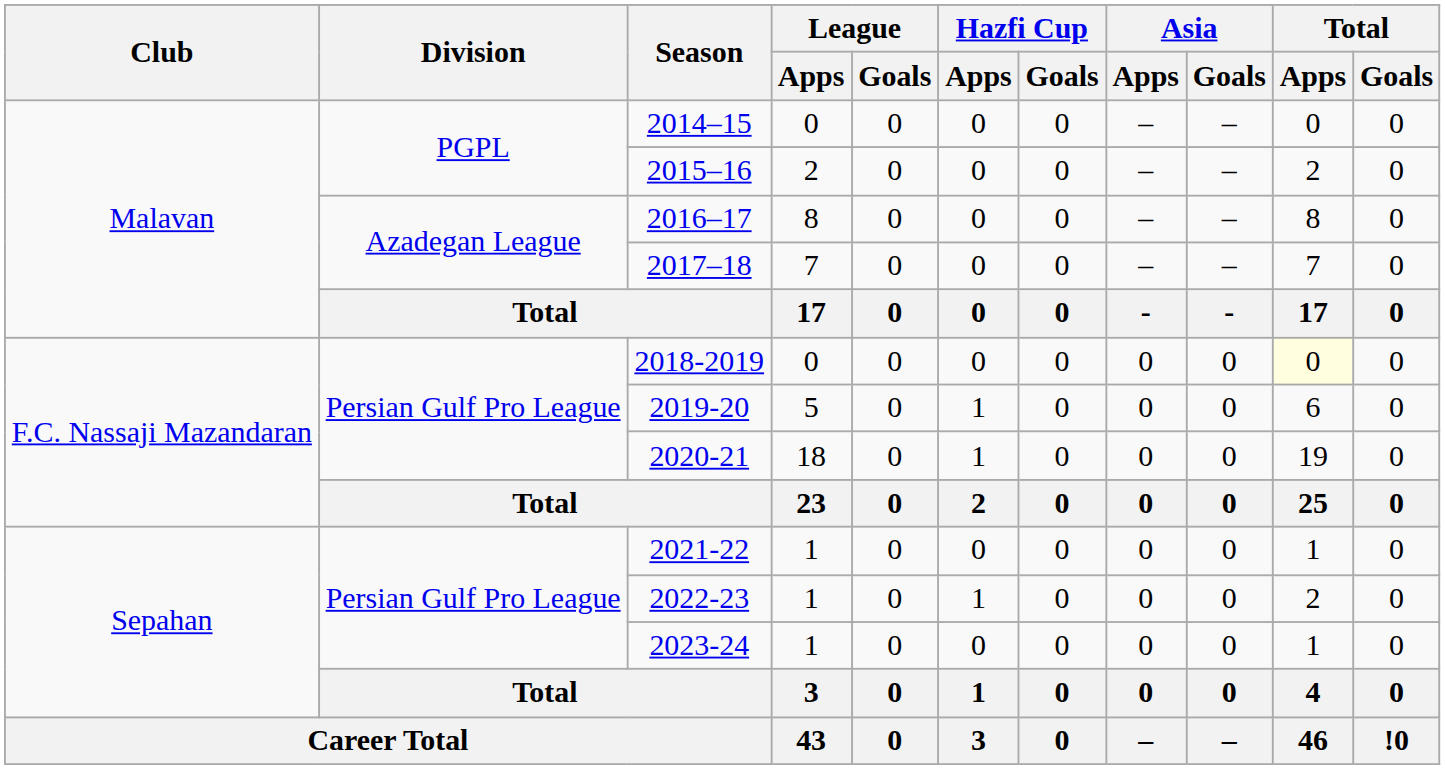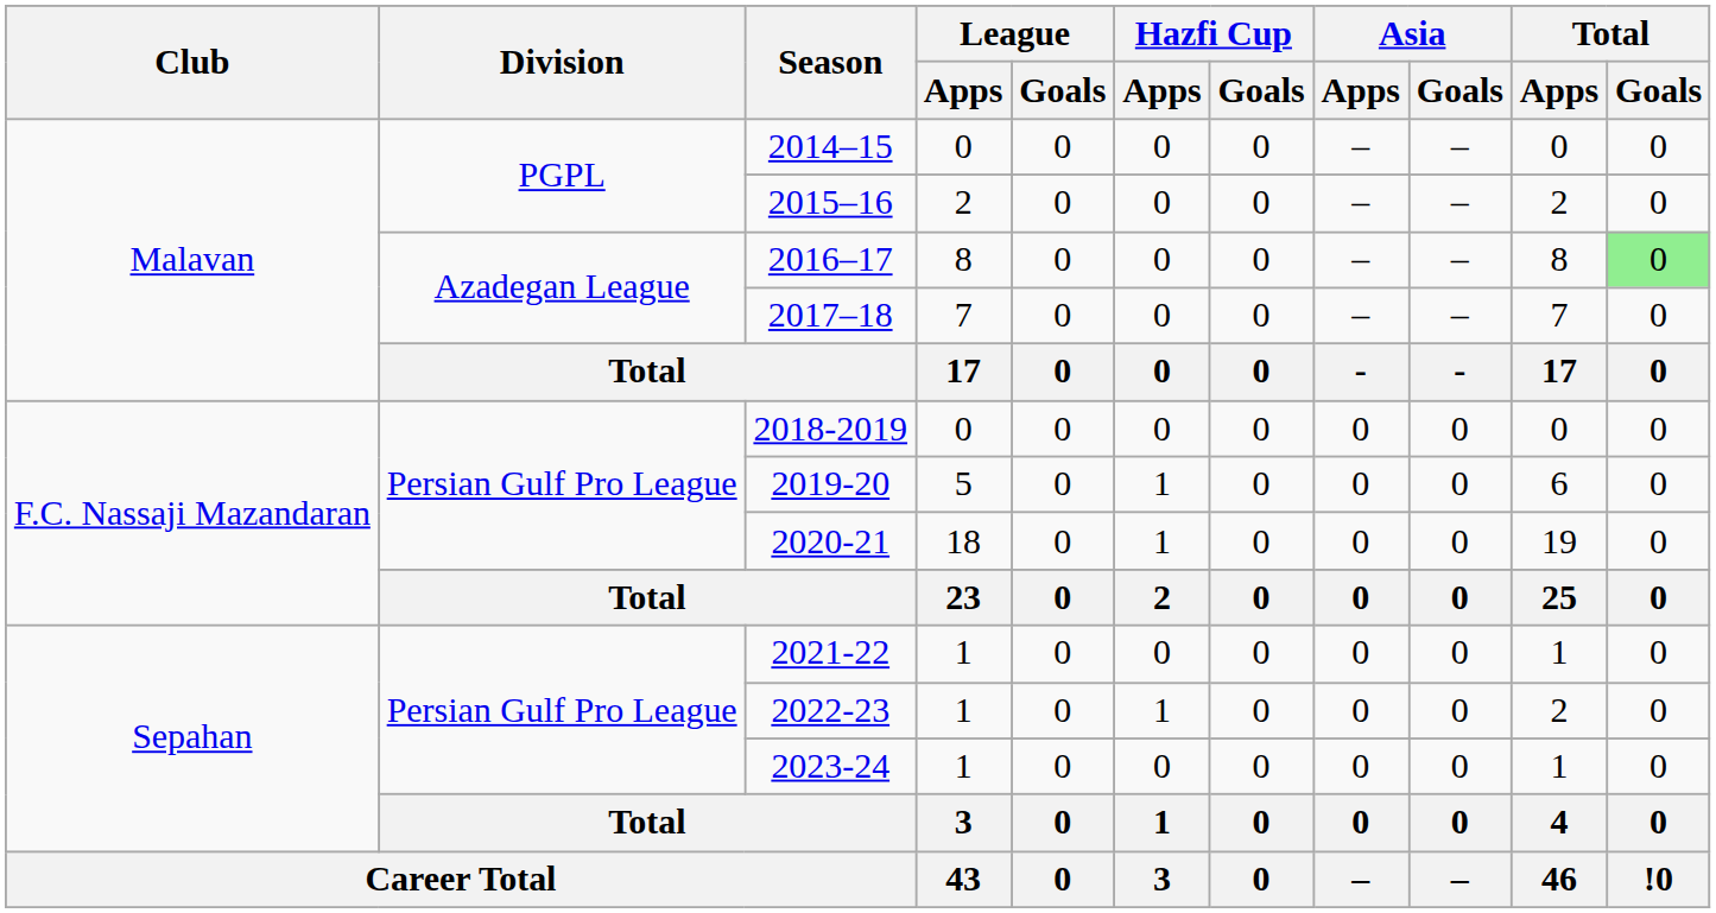 <table class="wikitable" style="text-align: center;">
 <tr>
 <th rowspan="2">Club</th>
 <th rowspan="2">Division</th>
 <th rowspan="2">Season</th>
 <th colspan="2">League</th>
 <th colspan="2"><a href='#'>Hazfi Cup</a></th>
 <th colspan="2"><a href='#'>Asia</a></th>
 <th colspan="2">Total</th>
 </tr>
 <tr>
 <th>Apps</th>
 <th>Goals</th>
 <th>Apps</th>
 <th>Goals</th>
 <th>Apps</th>
 <th>Goals</th>
 <th>Apps</th>
 <th>Goals</th>
 </tr>
 <tr>
 <td rowspan="5"><a href='#'>Malavan</a></td>
 <td rowspan="2"><a href='#'>PGPL</a></td>
 <td><a href='#'>2014–15</a></td>
 <td>0</td>
 <td>0</td>
 <td>0</td>
 <td>0</td>
 <td>–</td>
 <td>–</td>
 <td>0</td>
 <td>0</td>
 </tr>
 <tr>
 <td><a href='#'>2015–16</a></td>
 <td>2</td>
 <td>0</td>
 <td>0</td>
 <td>0</td>
 <td>–</td>
 <td>–</td>
 <td>2</td>
 <td>0</td>
 </tr>
 <tr>
 <td rowspan="2"><a href='#'>Azadegan League</a></td>
 <td><a href='#'>2016–17</a></td>
 <td>8</td>
 <td>0</td>
 <td>0</td>
 <td>0</td>
 <td>–</td>
 <td>–</td>
 <td>8</td>
-<td>0</td>
+<td style="background: lightgreen;">0</td>
 </tr>
 <tr>
 <td><a href='#'>2017–18</a></td>
 <td>7</td>
 <td>0</td>
 <td>0</td>
 <td>0</td>
 <td>–</td>
 <td>–</td>
 <td>7</td>
 <td>0</td>
 </tr>
 <tr>
 <th colspan=2>Total</th>
 <th>17</th>
 <th>0</th>
 <th>0</th>
 <th>0</th>
 <th>-</th>
 <th>-</th>
 <th>17</th>
 <th>0</th>
 </tr>
 <tr>
 <td rowspan="4"><a href='#'>F.C. Nassaji Mazandaran</a></td>
 <td rowspan="3"><a href='#'>Persian Gulf Pro League</a></td>
 <td><a href='#'>2018-2019</a></td>
 <td>0</td>
 <td>0</td>
 <td>0</td>
 <td>0</td>
 <td>0</td>
 <td>0</td>
-<td style="background: lightyellow;">0</td>
+<td>0</td>
 <td>0</td>
 </tr>
 <tr>
 <td><a href='#'>2019-20</a></td>
 <td>5</td>
 <td>0</td>
 <td>1</td>
 <td>0</td>
 <td>0</td>
 <td>0</td>
 <td>6</td>
 <td>0</td>
 </tr>
 <tr>
 <td><a href='#'>2020-21</a></td>
 <td>18</td>
 <td>0</td>
 <td>1</td>
 <td>0</td>
 <td>0</td>
 <td>0</td>
 <td>19</td>
 <td>0</td>
 </tr>
 <tr>
 <th colspan=2>Total</th>
 <th>23</th>
 <th>0</th>
 <th>2</th>
 <th>0</th>
 <th>0</th>
 <th>0</th>
 <th>25</th>
 <th>0</th>
 </tr>
 <tr>
 <td rowspan="4"><a href='#'>Sepahan</a></td>
 <td rowspan="3"><a href='#'>Persian Gulf Pro League</a></td>
 <td><a href='#'>2021-22</a></td>
 <td>1</td>
 <td>0</td>
 <td>0</td>
 <td>0</td>
 <td>0</td>
 <td>0</td>
 <td>1</td>
 <td>0</td>
 </tr>
 <tr>
 <td><a href='#'>2022-23</a></td>
 <td>1</td>
 <td>0</td>
 <td>1</td>
 <td>0</td>
 <td>0</td>
 <td>0</td>
 <td>2</td>
 <td>0</td>
 </tr>
 <tr>
 <td><a href='#'>2023-24</a></td>
 <td>1</td>
 <td>0</td>
 <td>0</td>
 <td>0</td>
 <td>0</td>
 <td>0</td>
 <td>1</td>
 <td>0</td>
 </tr>
 <tr>
 <th colspan=2>Total</th>
 <th>3</th>
 <th>0</th>
 <th>1</th>
 <th>0</th>
 <th>0</th>
 <th>0</th>
 <th>4</th>
 <th>0</th>
 </tr>
 <tr>
 <th colspan=3>Career Total</th>
 <th>43</th>
 <th>0</th>
 <th>3</th>
 <th>0</th>
 <th>–</th>
 <th>–</th>
 <th>46</th>
 <th>!0</th>
 </tr>
 </table>
